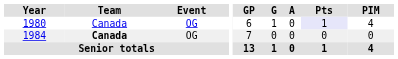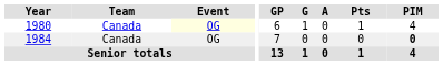 <table border="0" cellpadding="1" cellspacing="0" ID="Table3" style="text-align:center; width:40em">
 <tr ALIGN="center" bgcolor="#e0e0e0">
 <th>Year</th>
 <th>Team</th>
 <th>Event</th>
 <th rowspan="99" bgcolor="#ffffff"></th>
 <th>GP</th>
 <th>G</th>
 <th>A</th>
 <th>Pts</th>
 <th>PIM</th>
 </tr>
 <tr>
 <td><a href='#'>1980</a></td>
 <td><a href='#'>Canada</a></td>
-<td><a href='#'>OG</a></td>
+<td style="background: lightyellow;"><a href='#'>OG</a></td>
 <td>6</td>
 <td>1</td>
 <td>0</td>
-<td style="background: lavender;">1</td>
+<td>1</td>
 <td>4</td>
 </tr>
 <tr bgcolor="#f0f0f0">
 <td><a href='#'>1984</a></td>
-<td><strong>Canada</strong></td>
+<td>Canada</td>
 <td>OG</td>
 <td>7</td>
 <td>0</td>
 <td>0</td>
 <td>0</td>
-<td>0</td>
+<td><strong>0</strong></td>
 </tr>
 <tr bgcolor="#e0e0e0">
 <th colspan="3">Senior totals</th>
 <th>13</th>
 <th>1</th>
 <th>0</th>
 <th>1</th>
 <th>4</th>
 </tr>
 </table>
